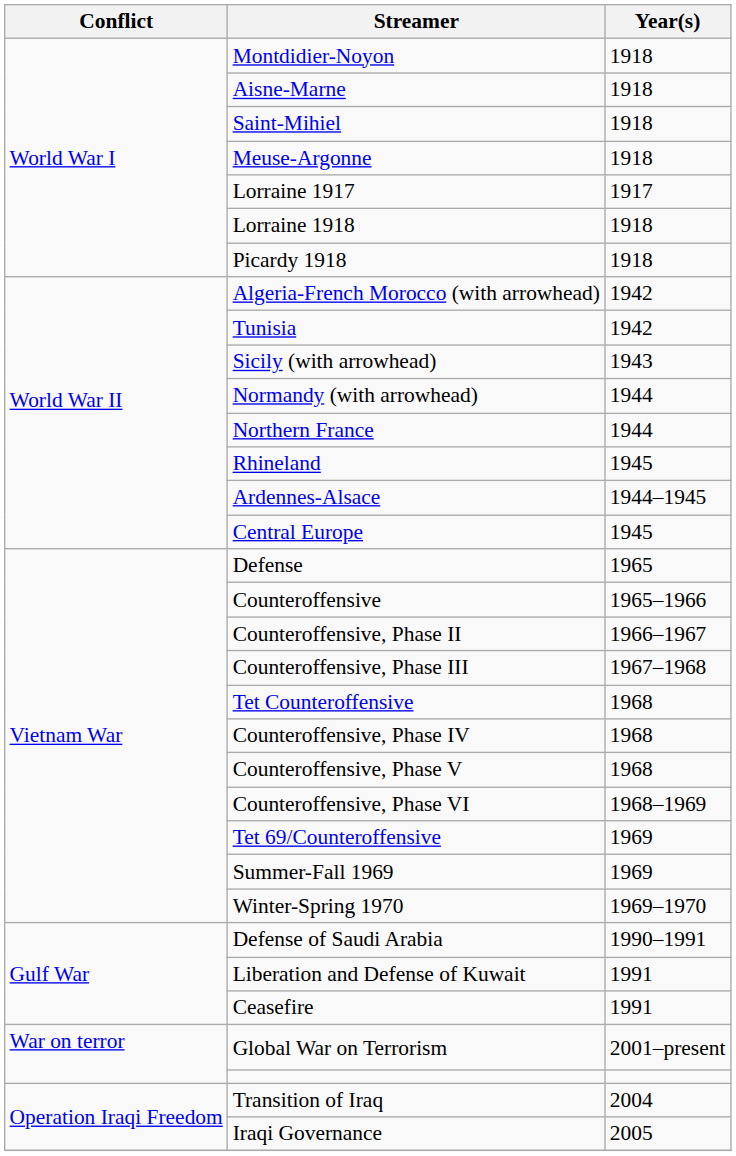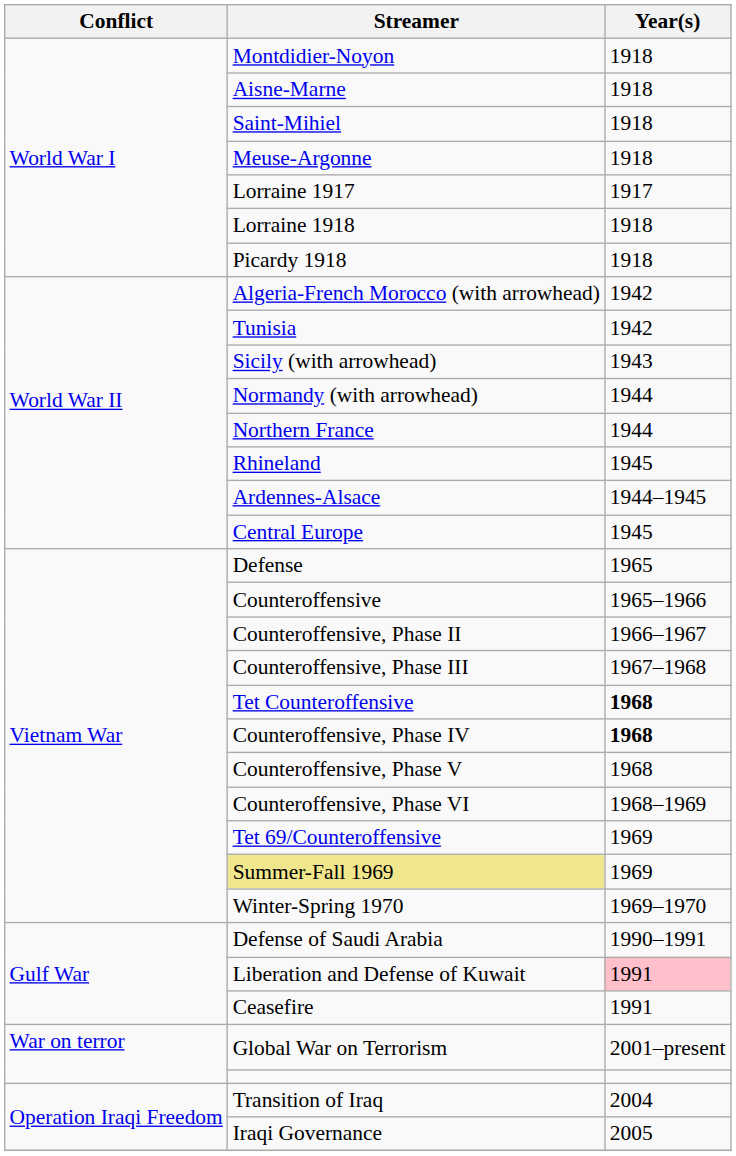 <table class=wikitable>
 <tr style="background:#efefef;">
 <th>Conflict</th>
 <th>Streamer</th>
 <th>Year(s)</th>
 </tr>
 <tr>
 <td rowspan="7"><a href='#'>World War I</a> <br> </td>
 <td><a href='#'>Montdidier-Noyon</a></td>
 <td>1918</td>
 </tr>
 <tr>
 <td><a href='#'>Aisne-Marne</a></td>
 <td>1918</td>
 </tr>
 <tr>
 <td><a href='#'>Saint-Mihiel</a></td>
 <td>1918</td>
 </tr>
 <tr>
 <td><a href='#'>Meuse-Argonne</a></td>
 <td>1918</td>
 </tr>
 <tr>
 <td>Lorraine 1917</td>
 <td>1917</td>
 </tr>
 <tr>
 <td>Lorraine 1918</td>
 <td>1918</td>
 </tr>
 <tr>
 <td>Picardy 1918</td>
 <td>1918</td>
 </tr>
 <tr>
 <td rowspan="8"><a href='#'>World War II</a> <br> <br> </td>
 <td><a href='#'>Algeria-French Morocco</a> (with arrowhead)</td>
 <td>1942</td>
 </tr>
 <tr>
 <td><a href='#'>Tunisia</a></td>
 <td>1942</td>
 </tr>
 <tr>
 <td><a href='#'>Sicily</a> (with arrowhead)</td>
 <td>1943</td>
 </tr>
 <tr>
 <td><a href='#'>Normandy</a> (with arrowhead)</td>
 <td>1944</td>
 </tr>
 <tr>
 <td><a href='#'>Northern France</a></td>
 <td>1944</td>
 </tr>
 <tr>
 <td><a href='#'>Rhineland</a></td>
 <td>1945</td>
 </tr>
 <tr>
 <td><a href='#'>Ardennes-Alsace</a></td>
 <td>1944–1945</td>
 </tr>
 <tr>
 <td><a href='#'>Central Europe</a></td>
 <td>1945</td>
 </tr>
 <tr>
 <td rowspan="11"><a href='#'>Vietnam War</a> <br> </td>
 <td>Defense</td>
 <td>1965</td>
 </tr>
 <tr>
 <td>Counteroffensive</td>
 <td>1965–1966</td>
 </tr>
 <tr>
 <td>Counteroffensive, Phase II</td>
 <td>1966–1967</td>
 </tr>
 <tr>
 <td>Counteroffensive, Phase III</td>
 <td>1967–1968</td>
 </tr>
 <tr>
 <td><a href='#'>Tet Counteroffensive</a></td>
-<td>1968</td>
+<td><strong>1968</strong></td>
 </tr>
 <tr>
 <td>Counteroffensive, Phase IV</td>
-<td>1968</td>
+<td><strong>1968</strong></td>
 </tr>
 <tr>
 <td>Counteroffensive, Phase V</td>
 <td>1968</td>
 </tr>
 <tr>
 <td>Counteroffensive, Phase VI</td>
 <td>1968–1969</td>
 </tr>
 <tr>
 <td><a href='#'>Tet 69/Counteroffensive</a></td>
 <td>1969</td>
 </tr>
 <tr>
-<td>Summer-Fall 1969</td>
+<td style="background: khaki;">Summer-Fall 1969</td>
 <td>1969</td>
 </tr>
 <tr>
 <td>Winter-Spring 1970</td>
 <td>1969–1970</td>
 </tr>
 <tr>
 <td rowspan="3"><a href='#'>Gulf War</a> <br> </td>
 <td>Defense of Saudi Arabia</td>
 <td>1990–1991</td>
 </tr>
 <tr>
 <td>Liberation and Defense of Kuwait</td>
-<td>1991</td>
+<td style="background: pink;">1991</td>
 </tr>
 <tr>
 <td>Ceasefire</td>
 <td>1991</td>
 </tr>
 <tr>
 <td rowspan="2"><a href='#'>War on terror</a><br> <br> </td>
 <td>Global War on Terrorism</td>
 <td>2001–present</td>
 </tr>
 <tr>
 <td></td>
 <td></td>
 </tr>
 <tr>
 <td rowspan="2"><a href='#'>Operation Iraqi Freedom</a><br> </td>
 <td>Transition of Iraq</td>
 <td>2004</td>
 </tr>
 <tr>
 <td>Iraqi Governance</td>
 <td>2005</td>
 </tr>
 <tr>
 </tr>
 </table>
